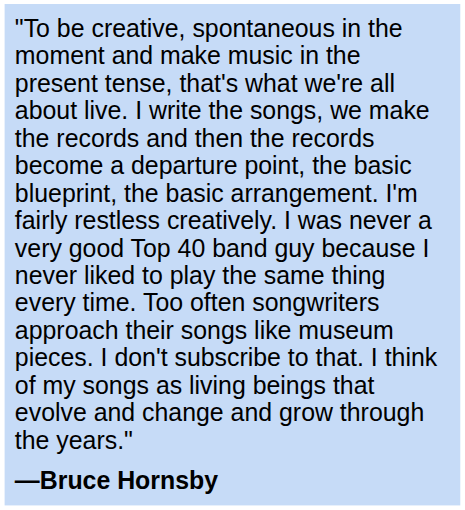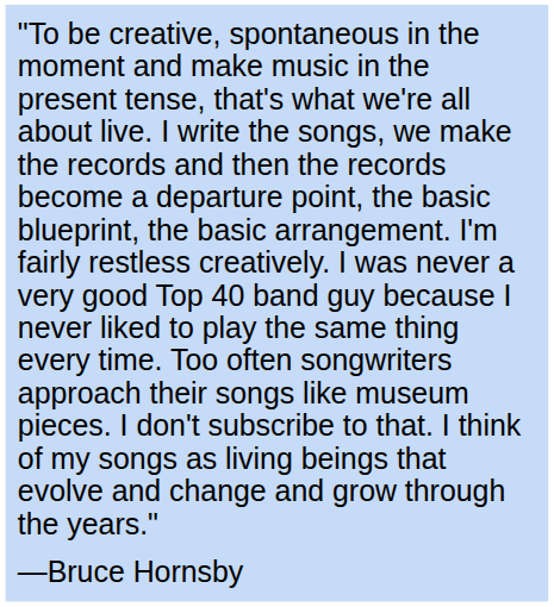 <table class="toccolours" style="float: left; margin-left: 1em; margin-right: 2em; font-size: 85%; background:#c6dbf7; color:black; width:30em; max-width: 40%;" cellspacing="5">
 <tr>
 <td style="text-align: left;">"To be creative, spontaneous in the moment and make music in the present tense, that's what we're all about live. I write the songs, we make the records and then the records become a departure point, the basic blueprint, the basic arrangement. I'm fairly restless creatively. I was never a very good Top 40 band guy because I never liked to play the same thing every time. Too often songwriters approach their songs like museum pieces. I don't subscribe to that. I think of my songs as living beings that evolve and change and grow through the years."</td>
 </tr>
 <tr>
-<td style="text-align: left;"><strong>—Bruce Hornsby</strong></td>
+<td style="text-align: left;">—Bruce Hornsby</td>
 </tr>
 </table>
